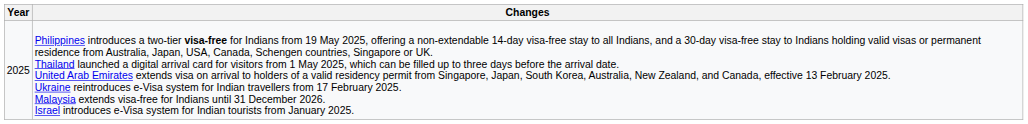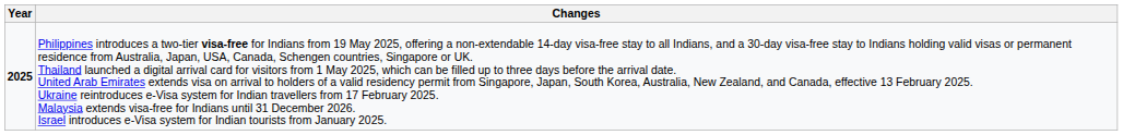 <table class="wikitable sticky-header" style="background:#f8f9faff;">
 <tr>
 <th>Year</th>
 <th>Changes</th>
 </tr>
 <tr>
-<td>2025</td>
+<td><strong>2025</strong></td>
 <td><br><a href='#'>Philippines</a> introduces a two-tier <strong>visa-free</strong> for Indians from 19 May 2025, offering a non-extendable 14-day visa-free stay to all Indians, and a 30-day visa-free stay to Indians holding valid visas or permanent residence from Australia, Japan, USA, Canada, Schengen countries, Singapore or UK.<br><a href='#'>Thailand</a> launched a digital arrival card for visitors from 1 May 2025, which can be filled up to three days before the arrival date.<br><a href='#'>United Arab Emirates</a> extends visa on arrival to holders of a valid residency permit from Singapore, Japan, South Korea, Australia, New Zealand, and Canada, effective 13 February 2025.<br><a href='#'>Ukraine</a> reintroduces e-Visa system for Indian travellers from 17 February 2025.<br><a href='#'>Malaysia</a> extends visa-free for Indians until 31 December 2026.<br><a href='#'>Israel</a> introduces e-Visa system for Indian tourists from January 2025.</td>
 </tr>
 </table>
